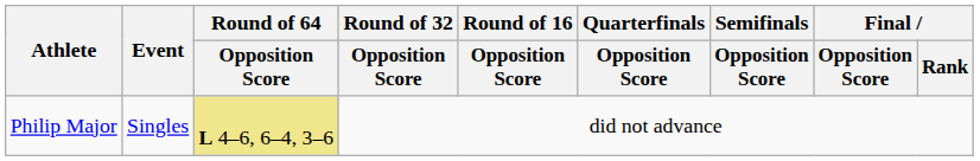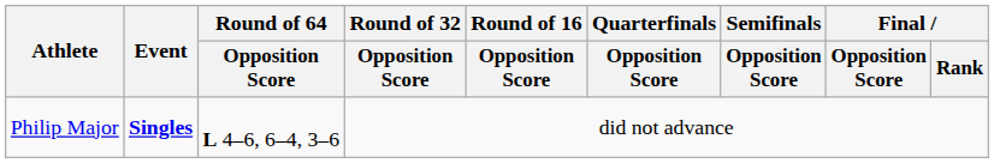 <table class=wikitable style="font-size:90%">
 <tr>
 <th rowspan="2">Athlete</th>
 <th rowspan="2">Event</th>
 <th>Round of 64</th>
 <th>Round of 32</th>
 <th>Round of 16</th>
 <th>Quarterfinals</th>
 <th>Semifinals</th>
 <th colspan=2>Final / </th>
 </tr>
 <tr style="font-size:95%">
 <th>Opposition<br>Score</th>
 <th>Opposition<br>Score</th>
 <th>Opposition<br>Score</th>
 <th>Opposition<br>Score</th>
 <th>Opposition<br>Score</th>
 <th>Opposition<br>Score</th>
 <th>Rank</th>
 </tr>
 <tr>
 <td><a href='#'>Philip Major</a></td>
-<td><a href='#'>Singles</a></td>
-<td align=center style="background: khaki;"><br><strong>L</strong> 4–6, 6–4, 3–6</td>
+<td><strong><a href='#'>Singles</a></strong></td>
+<td align=center><br><strong>L</strong> 4–6, 6–4, 3–6</td>
 <td align=center colspan="6">did not advance</td>
 </tr>
 </table>
